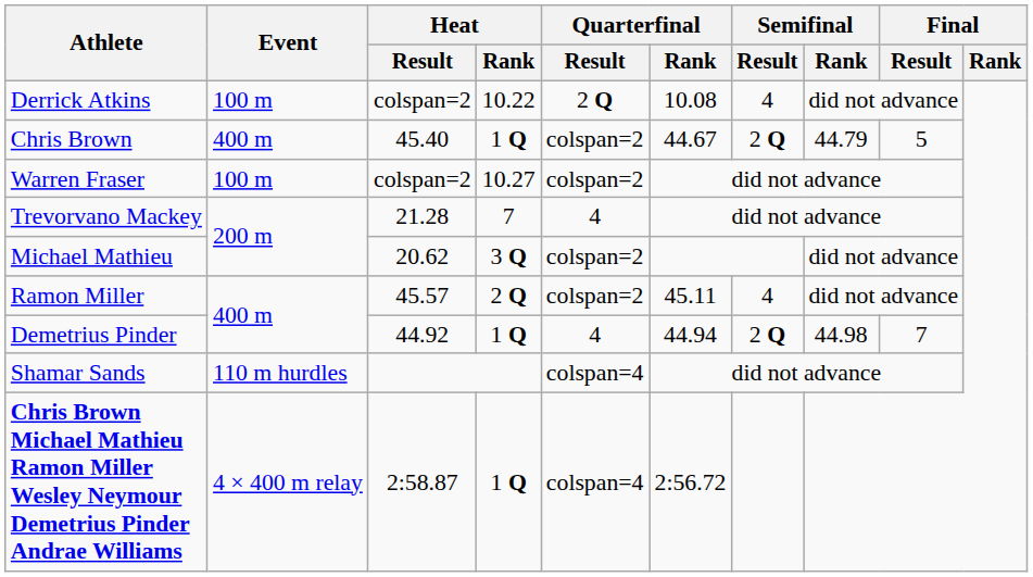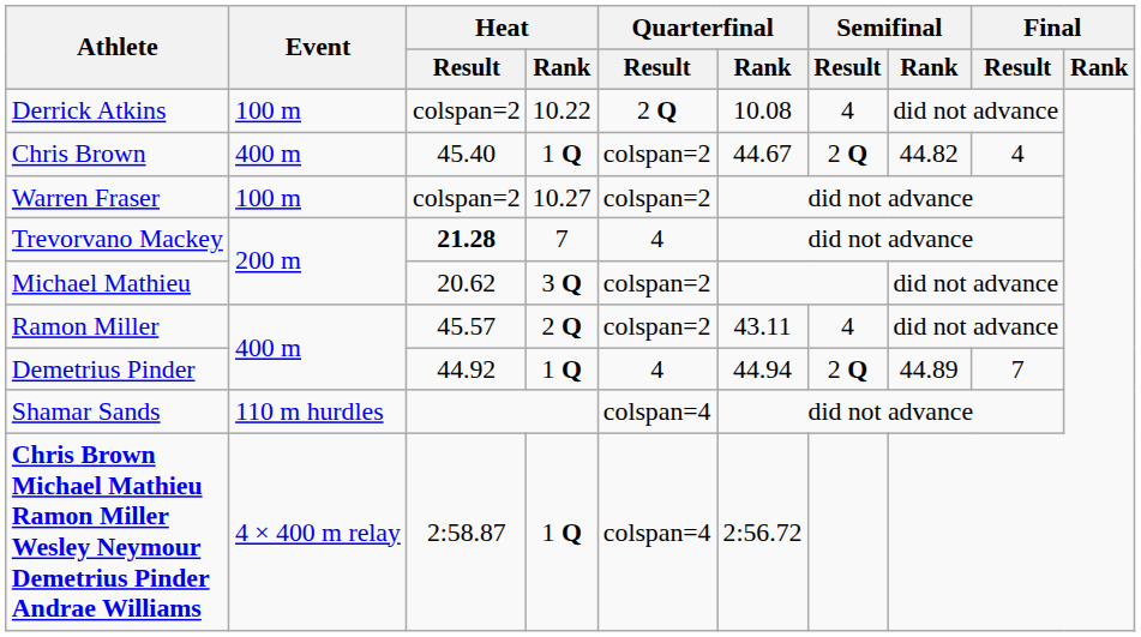 <table class="wikitable" style="font-size:90%">
 <tr>
 <th rowspan="2">Athlete</th>
 <th rowspan="2">Event</th>
 <th colspan="2">Heat</th>
 <th colspan="2">Quarterfinal</th>
 <th colspan="2">Semifinal</th>
 <th colspan="2">Final</th>
 </tr>
 <tr style="font-size:95%">
 <th>Result</th>
 <th>Rank</th>
 <th>Result</th>
 <th>Rank</th>
 <th>Result</th>
 <th>Rank</th>
 <th>Result</th>
 <th>Rank</th>
 </tr>
 <tr align=center>
 <td align=left><a href='#'>Derrick Atkins</a></td>
 <td align=left><a href='#'>100 m</a></td>
 <td>colspan=2 </td>
 <td>10.22</td>
 <td>2 <strong>Q</strong></td>
 <td>10.08</td>
 <td>4</td>
 <td colspan="2">did not advance</td>
 </tr>
 <tr align=center>
 <td align=left><a href='#'>Chris Brown</a></td>
 <td align=left><a href='#'>400 m</a></td>
 <td>45.40</td>
 <td>1 <strong>Q</strong></td>
 <td>colspan=2 </td>
 <td>44.67</td>
 <td>2 <strong>Q</strong></td>
-<td>44.79</td>
-<td>5</td>
+<td>44.82</td>
+<td>4</td>
 </tr>
 <tr align=center>
 <td align=left><a href='#'>Warren Fraser</a></td>
 <td align=left><a href='#'>100 m</a></td>
 <td>colspan=2 </td>
 <td>10.27</td>
 <td>colspan=2 </td>
 <td colspan=4>did not advance</td>
 </tr>
 <tr align=center>
 <td align=left><a href='#'>Trevorvano Mackey</a></td>
 <td align=left rowspan=2><a href='#'>200 m</a></td>
-<td>21.28</td>
+<td><strong>21.28</strong></td>
 <td>7</td>
 <td>4</td>
 <td colspan=4>did not advance</td>
 </tr>
 <tr align=center>
 <td align=left><a href='#'>Michael Mathieu</a></td>
 <td>20.62</td>
 <td>3 <strong>Q</strong></td>
 <td>colspan=2 </td>
 <td colspan=2></td>
 <td colspan=2>did not advance</td>
 </tr>
 <tr align=center>
 <td align=left><a href='#'>Ramon Miller</a></td>
 <td align=left rowspan=2><a href='#'>400 m</a></td>
 <td>45.57</td>
 <td>2 <strong>Q</strong></td>
 <td>colspan=2 </td>
-<td>45.11</td>
+<td>43.11</td>
 <td>4</td>
 <td colspan="2">did not advance</td>
 </tr>
 <tr align=center>
 <td align=left><a href='#'>Demetrius Pinder</a></td>
 <td>44.92</td>
 <td>1 <strong>Q</strong></td>
 <td>4</td>
 <td>44.94</td>
 <td>2 <strong>Q</strong></td>
-<td>44.98</td>
+<td>44.89</td>
 <td>7</td>
 </tr>
 <tr align=center>
 <td align=left><a href='#'>Shamar Sands</a></td>
 <td align=left><a href='#'>110 m hurdles</a></td>
 <td colspan=2></td>
 <td>colspan=4 </td>
 <td colspan=4>did not advance</td>
 </tr>
 <tr align=center>
 <td align=left><strong><a href='#'>Chris Brown</a><br><a href='#'>Michael Mathieu</a><br><a href='#'>Ramon Miller</a><br><a href='#'>Wesley Neymour</a><br><a href='#'>Demetrius Pinder</a><br><a href='#'>Andrae Williams</a></strong></td>
 <td align=left><a href='#'>4 × 400 m relay</a></td>
 <td>2:58.87</td>
 <td>1 <strong>Q</strong></td>
 <td>colspan=4 </td>
 <td>2:56.72</td>
 <td></td>
 </tr>
 </table>
